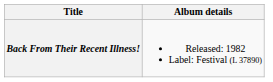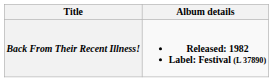 <table class="wikitable plainrowheaders" style="text-align:center;" border="1">
 <tr>
 <th>Title</th>
 <th>Album details</th>
 </tr>
 <tr>
 <th scope="row"><em>Back From Their Recent Illness!</em></th>
-<td><br><ul><li>Released: 1982</li><li>Label: Festival <small>(L 37890)</small></li></ul></td>
+<td><strong><br><ul><li>Released: 1982</li><li>Label: Festival <small>(L 37890)</small></li></ul></strong></td>
 </tr>
 </table>
